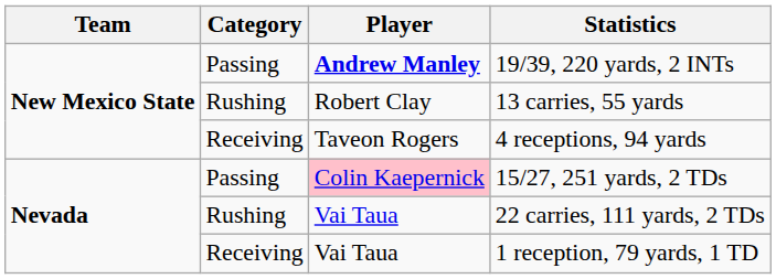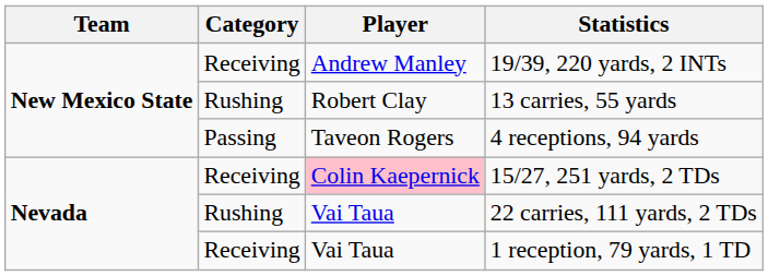 <table class="wikitable" style="float: left;">
 <tr>
 <th>Team</th>
 <th>Category</th>
 <th>Player</th>
 <th>Statistics</th>
 </tr>
 <tr>
 <td rowspan=3><strong>New Mexico State</strong></td>
-<td>Passing</td>
-<td><strong><a href='#'>Andrew Manley</a></strong></td>
+<td>Receiving</td>
+<td><a href='#'>Andrew Manley</a></td>
 <td>19/39, 220 yards, 2 INTs</td>
 </tr>
 <tr>
 <td>Rushing</td>
 <td>Robert Clay</td>
 <td>13 carries, 55 yards</td>
 </tr>
 <tr>
-<td>Receiving</td>
+<td>Passing</td>
 <td>Taveon Rogers</td>
 <td>4 receptions, 94 yards</td>
 </tr>
 <tr>
 <td rowspan=3><strong>Nevada</strong></td>
-<td>Passing</td>
+<td>Receiving</td>
 <td style="background: pink;"><a href='#'>Colin Kaepernick</a></td>
 <td>15/27, 251 yards, 2 TDs</td>
 </tr>
 <tr>
 <td>Rushing</td>
 <td><a href='#'>Vai Taua</a></td>
 <td>22 carries, 111 yards, 2 TDs</td>
 </tr>
 <tr>
 <td>Receiving</td>
 <td>Vai Taua</td>
 <td>1 reception, 79 yards, 1 TD</td>
 </tr>
 </table>
